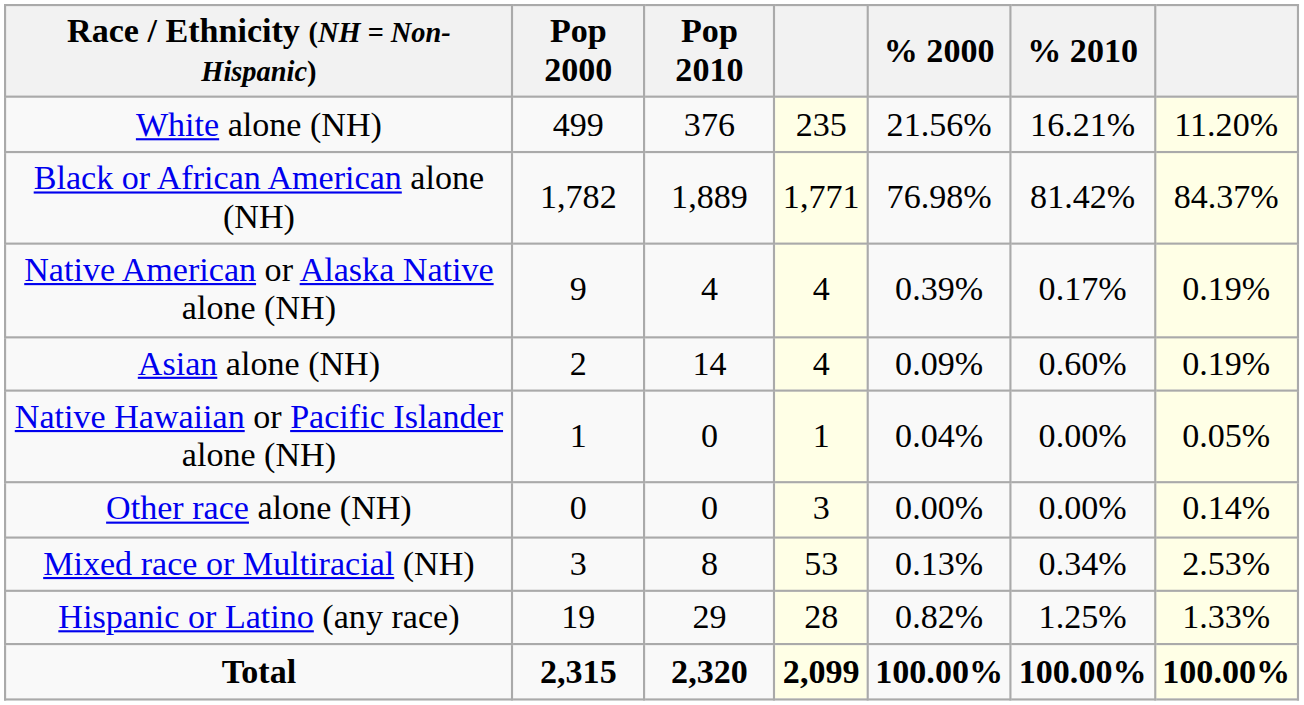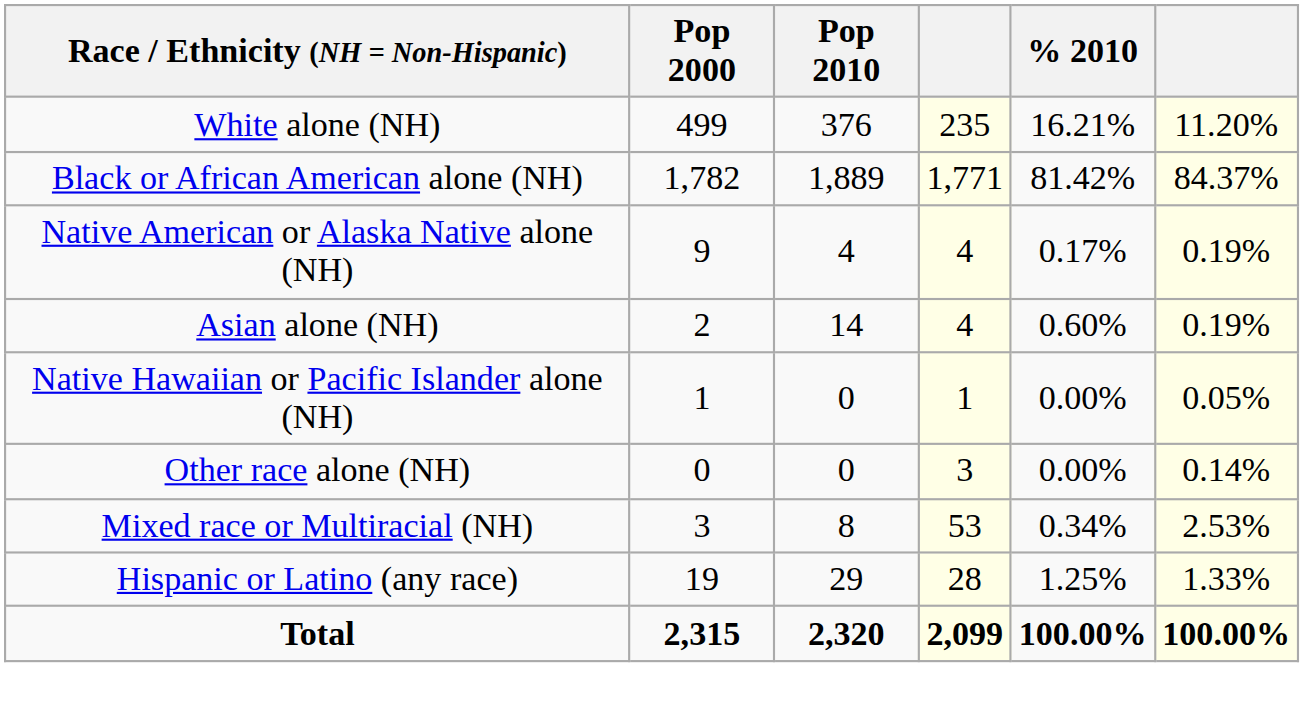 <table class="wikitable" style="text-align:center;">
 <tr>
 <th>Race / Ethnicity <small>(<em>NH = Non-Hispanic</em>)</small></th>
 <th>Pop 2000</th>
 <th>Pop 2010</th>
 <th></th>
-<th>% 2000</th>
 <th>% 2010</th>
 <th></th>
 </tr>
 <tr>
 <td><a href='#'>White</a> alone (NH)</td>
 <td>499</td>
 <td>376</td>
 <td style='background: #ffffe6;'>235</td>
-<td>21.56%</td>
 <td>16.21%</td>
 <td style='background: #ffffe6;'>11.20%</td>
 </tr>
 <tr>
 <td><a href='#'>Black or African American</a> alone (NH)</td>
 <td>1,782</td>
 <td>1,889</td>
 <td style='background: #ffffe6;'>1,771</td>
-<td>76.98%</td>
 <td>81.42%</td>
 <td style='background: #ffffe6;'>84.37%</td>
 </tr>
 <tr>
 <td><a href='#'>Native American</a> or <a href='#'>Alaska Native</a> alone (NH)</td>
 <td>9</td>
 <td>4</td>
 <td style='background: #ffffe6;'>4</td>
-<td>0.39%</td>
 <td>0.17%</td>
 <td style='background: #ffffe6;'>0.19%</td>
 </tr>
 <tr>
 <td><a href='#'>Asian</a> alone (NH)</td>
 <td>2</td>
 <td>14</td>
 <td style='background: #ffffe6;'>4</td>
-<td>0.09%</td>
 <td>0.60%</td>
 <td style='background: #ffffe6;'>0.19%</td>
 </tr>
 <tr>
 <td><a href='#'>Native Hawaiian</a> or <a href='#'>Pacific Islander</a> alone (NH)</td>
 <td>1</td>
 <td>0</td>
 <td style='background: #ffffe6;'>1</td>
-<td>0.04%</td>
 <td>0.00%</td>
 <td style='background: #ffffe6;'>0.05%</td>
 </tr>
 <tr>
 <td><a href='#'>Other race</a> alone (NH)</td>
 <td>0</td>
 <td>0</td>
 <td style='background: #ffffe6;'>3</td>
 <td>0.00%</td>
-<td>0.00%</td>
 <td style='background: #ffffe6;'>0.14%</td>
 </tr>
 <tr>
 <td><a href='#'>Mixed race or Multiracial</a> (NH)</td>
 <td>3</td>
 <td>8</td>
 <td style='background: #ffffe6;'>53</td>
-<td>0.13%</td>
 <td>0.34%</td>
 <td style='background: #ffffe6;'>2.53%</td>
 </tr>
 <tr>
 <td><a href='#'>Hispanic or Latino</a> (any race)</td>
 <td>19</td>
 <td>29</td>
 <td style='background: #ffffe6;'>28</td>
-<td>0.82%</td>
 <td>1.25%</td>
 <td style='background: #ffffe6;'>1.33%</td>
 </tr>
 <tr>
 <td><strong>Total</strong></td>
 <td><strong>2,315</strong></td>
 <td><strong>2,320</strong></td>
 <td style='background: #ffffe6;'><strong>2,099</strong></td>
 <td><strong>100.00%</strong></td>
-<td><strong>100.00%</strong></td>
 <td style='background: #ffffe6;'><strong>100.00%</strong></td>
 </tr>
 </table>
